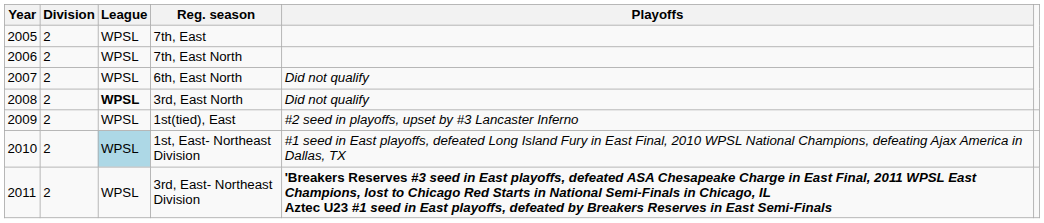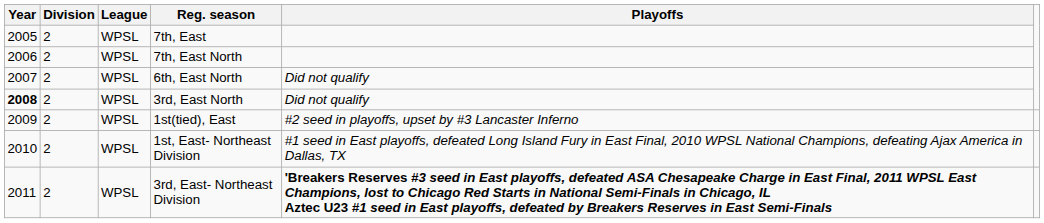 <table class="wikitable">
 <tr>
 <th>Year</th>
 <th>Division</th>
 <th>League</th>
 <th>Reg. season</th>
 <th>Playoffs</th>
 </tr>
 <tr>
 <td>2005</td>
 <td>2</td>
 <td>WPSL</td>
 <td>7th, East</td>
 <td></td>
 </tr>
 <tr>
 <td>2006</td>
 <td>2</td>
 <td>WPSL</td>
 <td>7th, East North</td>
 <td></td>
 </tr>
 <tr>
 <td>2007</td>
 <td>2</td>
 <td>WPSL</td>
 <td>6th, East North</td>
 <td><em>Did not qualify</em></td>
 </tr>
 <tr>
-<td>2008</td>
+<td><strong>2008</strong></td>
 <td>2</td>
-<td><strong>WPSL</strong></td>
+<td>WPSL</td>
 <td>3rd, East North</td>
 <td><em>Did not qualify</em></td>
 </tr>
 <tr>
 <td>2009</td>
 <td>2</td>
 <td>WPSL</td>
 <td>1st(tied), East</td>
 <td><em>#2 seed in playoffs, upset by #3 Lancaster Inferno</em></td>
 <td></td>
 </tr>
 <tr>
 <td>2010</td>
 <td>2</td>
-<td style="background: lightblue;">WPSL</td>
+<td>WPSL</td>
 <td>1st, East- Northeast Division</td>
 <td><em>#1 seed in East playoffs, defeated Long Island Fury in East Final, 2010 WPSL National Champions, defeating Ajax America in Dallas, TX</em></td>
 <td></td>
 </tr>
 <tr>
 <td>2011</td>
 <td>2</td>
 <td>WPSL</td>
 <td>3rd, East- Northeast Division</td>
 <td><strong>'Breakers Reserves<em> #3 seed in East playoffs, defeated ASA Chesapeake Charge in East Final, 2011 WPSL East Champions, lost to Chicago Red Starts in National Semi-Finals in Chicago, IL<br></em>Aztec U23<em> #1 seed in East playoffs, defeated by Breakers Reserves in East Semi-Finals</em></td>
 </tr>
 </table>
